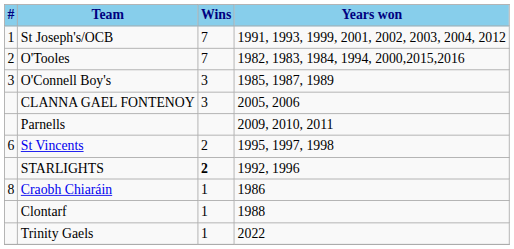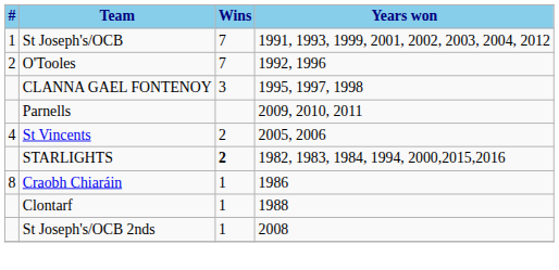 <table class="wikitable">
 <tr>
 <th style="background:skyblue;color:navy;">#</th>
 <th style="background:skyblue;color:navy;">Team</th>
 <th style="background:skyblue;color:navy;">Wins</th>
 <th style="background:skyblue;color:navy;">Years won</th>
 </tr>
 <tr>
 <td>1</td>
 <td>St Joseph's/OCB</td>
 <td>7</td>
 <td>1991, 1993, 1999, 2001, 2002, 2003, 2004, 2012</td>
 </tr>
 <tr>
 <td>2</td>
 <td>O'Tooles</td>
 <td>7</td>
-<td>1982, 1983, 1984, 1994, 2000,2015,2016</td>
-</tr>
-<tr>
-<td>3</td>
-<td>O'Connell Boy's</td>
-<td>3</td>
-<td>1985, 1987, 1989</td>
+<td>1992, 1996</td>
 </tr>
 <tr>
 <td></td>
 <td>CLANNA GAEL FONTENOY</td>
 <td>3</td>
-<td>2005, 2006</td>
+<td>1995, 1997, 1998</td>
 </tr>
 <tr>
 <td></td>
 <td>Parnells</td>
 <td></td>
 <td>2009, 2010, 2011</td>
 </tr>
 <tr>
-<td>6</td>
+<td>4</td>
 <td><a href='#'>St Vincents</a></td>
 <td>2</td>
-<td>1995, 1997, 1998</td>
+<td>2005, 2006</td>
 </tr>
 <tr>
 <td></td>
 <td>STARLIGHTS</td>
 <td><strong>2</strong></td>
-<td>1992, 1996</td>
+<td>1982, 1983, 1984, 1994, 2000,2015,2016</td>
 </tr>
 <tr>
 <td>8</td>
 <td><a href='#'>Craobh Chiaráin</a></td>
 <td>1</td>
 <td>1986</td>
 </tr>
 <tr>
 <td></td>
 <td>Clontarf</td>
 <td>1</td>
 <td>1988</td>
 </tr>
 <tr>
 <td></td>
-<td>Trinity Gaels</td>
+<td>St Joseph's/OCB 2nds</td>
 <td>1</td>
-<td>2022</td>
+<td>2008</td>
 </tr>
 <tr>
 </tr>
 </table>
